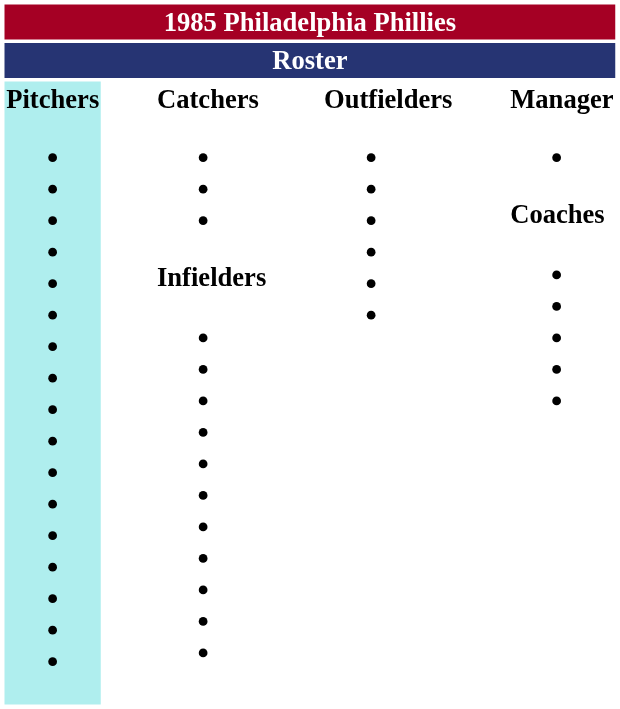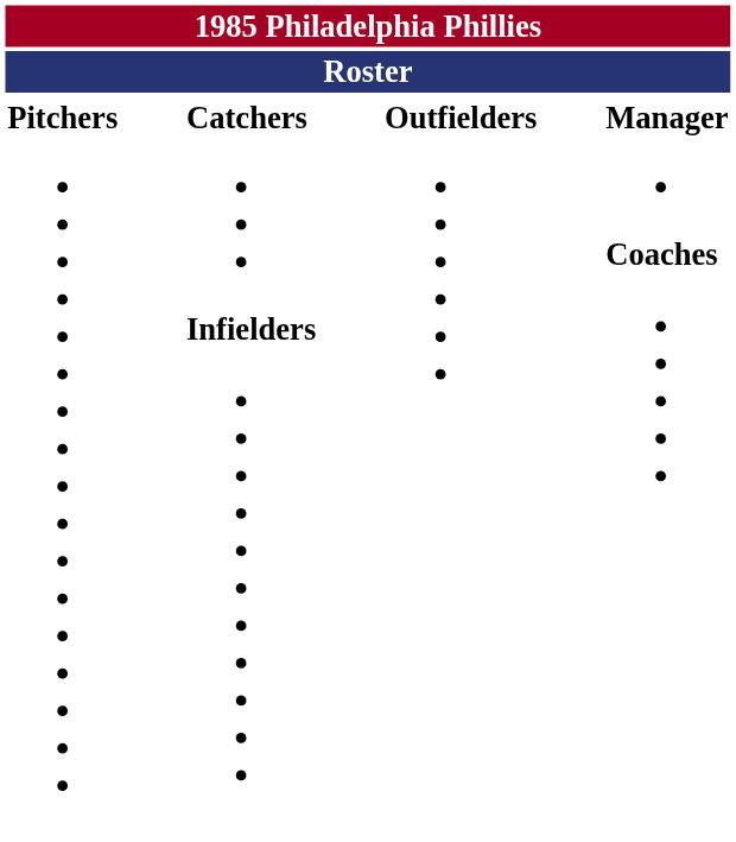 <table class="toccolours" style="font-size: 95%;">
 <tr>
 <th colspan="10" style="background-color: #A50024; color: white; text-align: center;">1985 Philadelphia Phillies</th>
 </tr>
 <tr>
 <td colspan="10" style="background-color: #263473; color: white; text-align: center;"><strong>Roster</strong></td>
 </tr>
 <tr>
-<td valign="top" style="background: paleturquoise;"><strong>Pitchers</strong><br><ul><li></li><li></li><li></li><li></li><li></li><li></li><li></li><li></li><li></li><li></li><li></li><li></li><li></li><li></li><li></li><li></li><li></li></ul></td>
+<td valign="top"><strong>Pitchers</strong><br><ul><li></li><li></li><li></li><li></li><li></li><li></li><li></li><li></li><li></li><li></li><li></li><li></li><li></li><li></li><li></li><li></li><li></li></ul></td>
 <td width="25px"></td>
 <td valign="top"><strong>Catchers</strong><br><ul><li></li><li></li><li></li></ul><strong>Infielders</strong><ul><li></li><li></li><li></li><li></li><li></li><li></li><li></li><li></li><li></li><li></li><li></li></ul></td>
 <td width="25px"></td>
 <td valign="top"><strong>Outfielders</strong><br><ul><li></li><li></li><li></li><li></li><li></li><li></li></ul></td>
 <td width="25px"></td>
 <td valign="top"><strong>Manager</strong><br><ul><li></li></ul><strong>Coaches</strong><ul><li></li><li></li><li></li><li></li><li></li></ul></td>
 </tr>
 <tr>
 </tr>
 </table>
